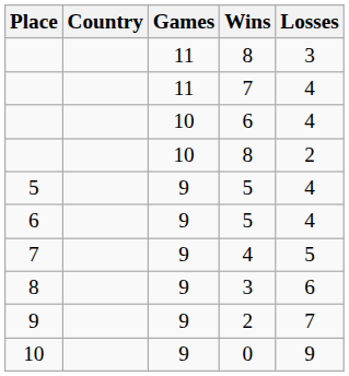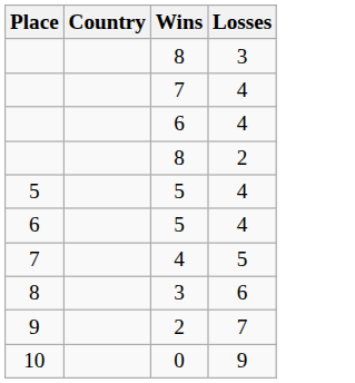 <table class="wikitable" style="text-align:center;">
 <tr>
 <th>Place</th>
 <th>Country</th>
-<th>Games</th>
 <th>Wins</th>
 <th>Losses</th>
 </tr>
 <tr>
 <td></td>
 <td align=left></td>
-<td>11</td>
 <td>8</td>
 <td>3</td>
 </tr>
 <tr>
 <td></td>
 <td align=left></td>
-<td>11</td>
 <td>7</td>
 <td>4</td>
 </tr>
 <tr>
 <td></td>
 <td align=left></td>
-<td>10</td>
 <td>6</td>
 <td>4</td>
 </tr>
 <tr>
 <td></td>
 <td align=left></td>
-<td>10</td>
 <td>8</td>
 <td>2</td>
 </tr>
 <tr>
 <td>5</td>
 <td align=left></td>
-<td>9</td>
 <td>5</td>
 <td>4</td>
 </tr>
 <tr>
 <td>6</td>
 <td align=left></td>
-<td>9</td>
 <td>5</td>
 <td>4</td>
 </tr>
 <tr>
 <td>7</td>
 <td align=left></td>
-<td>9</td>
 <td>4</td>
 <td>5</td>
 </tr>
 <tr>
 <td>8</td>
 <td align=left></td>
-<td>9</td>
 <td>3</td>
 <td>6</td>
 </tr>
 <tr>
 <td>9</td>
 <td align=left></td>
-<td>9</td>
 <td>2</td>
 <td>7</td>
 </tr>
 <tr>
 <td>10</td>
 <td align=left></td>
-<td>9</td>
 <td>0</td>
 <td>9</td>
 </tr>
 </table>
